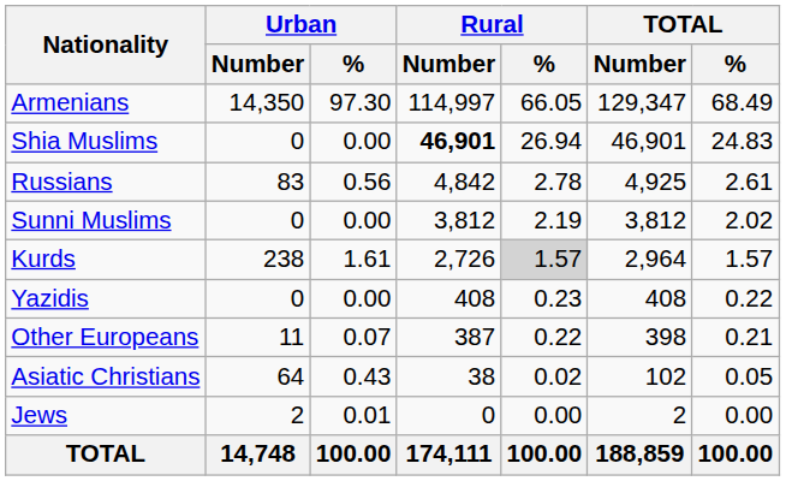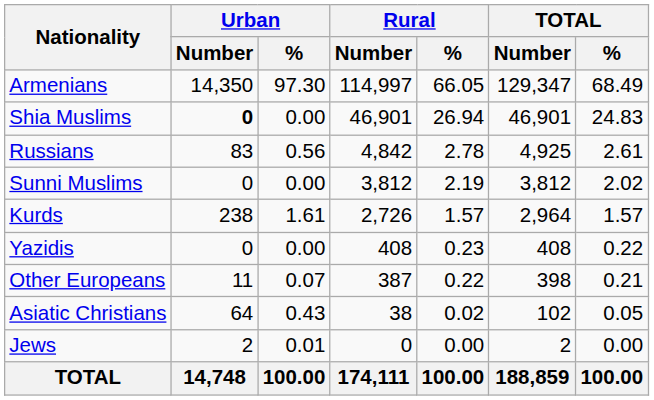 <table class="wikitable sortable">
 <tr>
 <th rowspan="2">Nationality</th>
 <th colspan="2"><a href='#'>Urban</a></th>
 <th colspan="2"><a href='#'>Rural</a></th>
 <th colspan="2">TOTAL</th>
 </tr>
 <tr>
 <th>Number</th>
 <th>%</th>
 <th>Number</th>
 <th>%</th>
 <th>Number</th>
 <th>%</th>
 </tr>
 <tr>
 <td><a href='#'>Armenians</a></td>
 <td align="right">14,350</td>
 <td align="right">97.30</td>
 <td align="right">114,997</td>
 <td align="right">66.05</td>
 <td align="right">129,347</td>
 <td align="right">68.49</td>
 </tr>
 <tr>
 <td><a href='#'>Shia Muslims</a></td>
-<td align="right">0</td>
+<td align="right"><strong>0</strong></td>
 <td align="right">0.00</td>
-<td align="right"><strong>46,901</strong></td>
+<td align="right">46,901</td>
 <td align="right">26.94</td>
 <td align="right">46,901</td>
 <td align="right">24.83</td>
 </tr>
 <tr>
 <td><a href='#'>Russians</a></td>
 <td align="right">83</td>
 <td align="right">0.56</td>
 <td align="right">4,842</td>
 <td align="right">2.78</td>
 <td align="right">4,925</td>
 <td align="right">2.61</td>
 </tr>
 <tr>
 <td><a href='#'>Sunni Muslims</a></td>
 <td align="right">0</td>
 <td align="right">0.00</td>
 <td align="right">3,812</td>
 <td align="right">2.19</td>
 <td align="right">3,812</td>
 <td align="right">2.02</td>
 </tr>
 <tr>
 <td><a href='#'>Kurds</a></td>
 <td align="right">238</td>
 <td align="right">1.61</td>
 <td align="right">2,726</td>
-<td align="right" style="background: lightgrey;">1.57</td>
+<td align="right">1.57</td>
 <td align="right">2,964</td>
 <td align="right">1.57</td>
 </tr>
 <tr>
 <td><a href='#'>Yazidis</a></td>
 <td align="right">0</td>
 <td align="right">0.00</td>
 <td align="right">408</td>
 <td align="right">0.23</td>
 <td align="right">408</td>
 <td align="right">0.22</td>
 </tr>
 <tr>
 <td><a href='#'>Other Europeans</a></td>
 <td align="right">11</td>
 <td align="right">0.07</td>
 <td align="right">387</td>
 <td align="right">0.22</td>
 <td align="right">398</td>
 <td align="right">0.21</td>
 </tr>
 <tr>
 <td><a href='#'>Asiatic Christians</a></td>
 <td align="right">64</td>
 <td align="right">0.43</td>
 <td align="right">38</td>
 <td align="right">0.02</td>
 <td align="right">102</td>
 <td align="right">0.05</td>
 </tr>
 <tr>
 <td><a href='#'>Jews</a></td>
 <td align="right">2</td>
 <td align="right">0.01</td>
 <td align="right">0</td>
 <td align="right">0.00</td>
 <td align="right">2</td>
 <td align="right">0.00</td>
 </tr>
 <tr>
 <th>TOTAL</th>
 <th>14,748</th>
 <th>100.00</th>
 <th>174,111</th>
 <th>100.00</th>
 <th>188,859</th>
 <th>100.00</th>
 </tr>
 </table>
